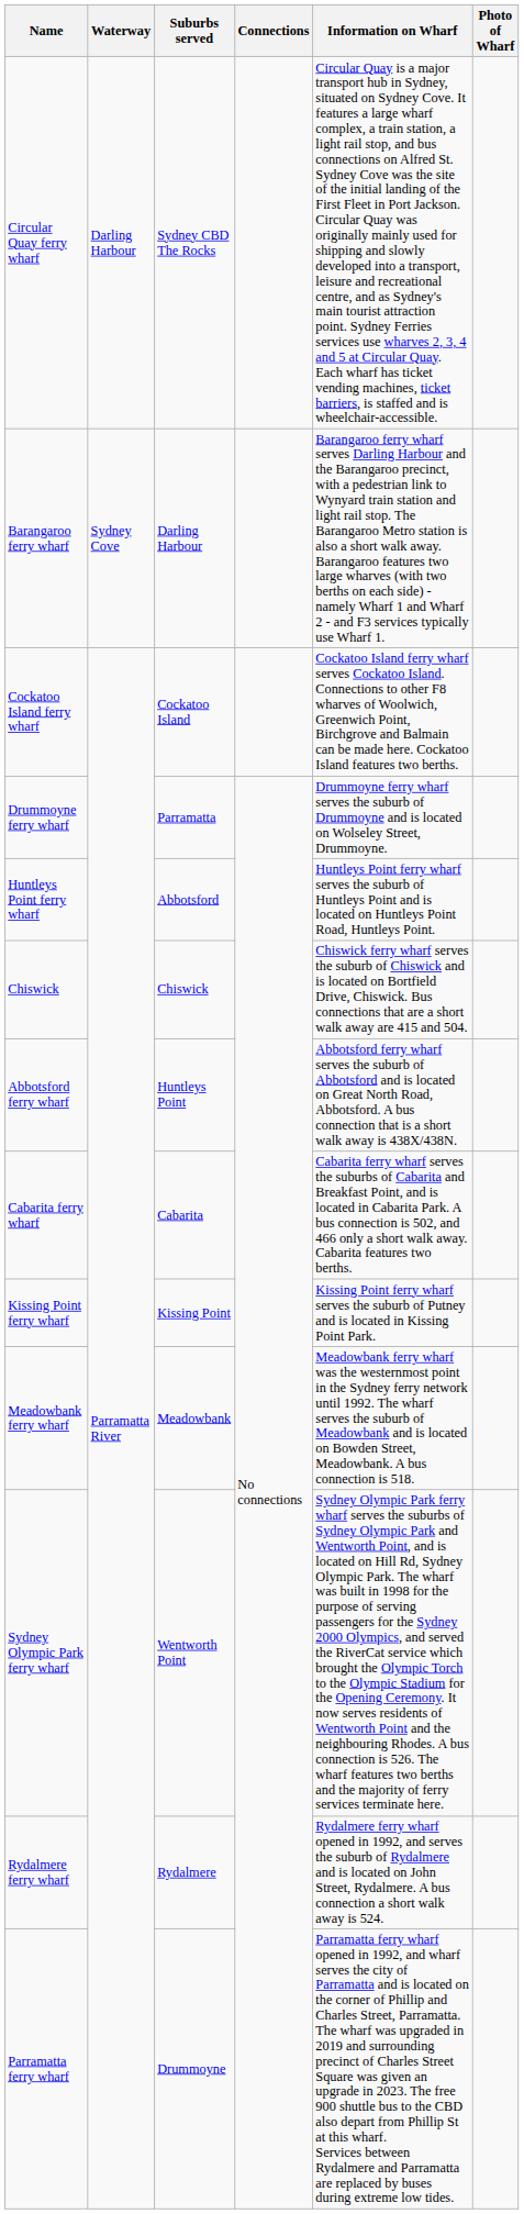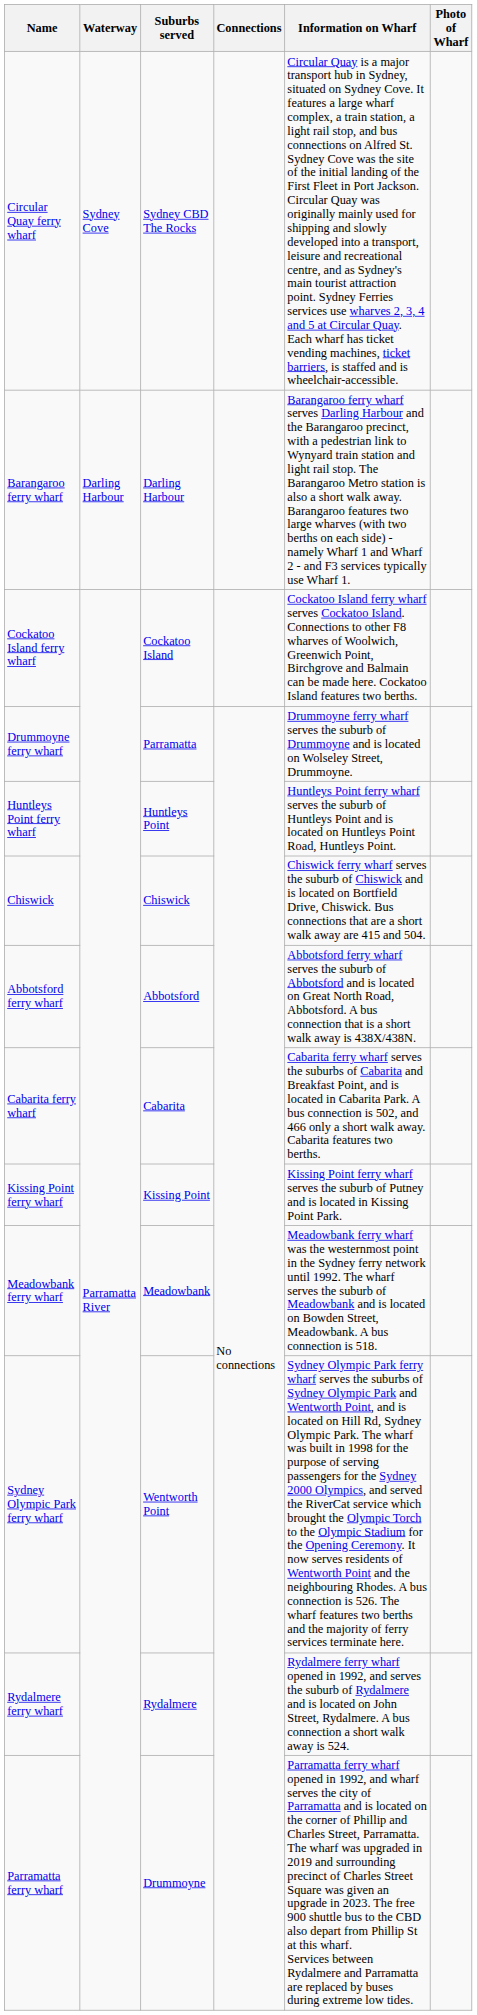 <table class="wikitable">
 <tr>
 <th>Name</th>
 <th>Waterway</th>
 <th>Suburbs served</th>
 <th>Connections</th>
 <th>Information on Wharf</th>
 <th>Photo of Wharf</th>
 </tr>
 <tr>
 <td><a href='#'>Circular Quay ferry wharf</a></td>
-<td><a href='#'>Darling Harbour</a></td>
+<td><a href='#'>Sydney Cove</a></td>
 <td><a href='#'>Sydney CBD</a><br><a href='#'>The Rocks</a></td>
 <td></td>
 <td><a href='#'>Circular Quay</a> is a major transport hub in Sydney, situated on Sydney Cove. It features a large wharf complex, a train station, a light rail stop, and bus connections on Alfred St.<br>Sydney Cove was the site of the initial landing of the First Fleet in Port Jackson. Circular Quay was originally mainly used for shipping and slowly developed into a transport, leisure and recreational centre, and as Sydney's main tourist attraction point. Sydney Ferries services use <a href='#'>wharves 2, 3, 4 and 5 at Circular Quay</a>. Each wharf has ticket vending machines, <a href='#'>ticket barriers</a>, is staffed and is wheelchair-accessible.</td>
 <td></td>
 </tr>
 <tr>
 <td><a href='#'>Barangaroo ferry wharf</a></td>
-<td><a href='#'>Sydney Cove</a></td>
+<td><a href='#'>Darling Harbour</a></td>
 <td><a href='#'>Darling Harbour</a></td>
 <td></td>
 <td><a href='#'>Barangaroo ferry wharf</a> serves <a href='#'>Darling Harbour</a> and the Barangaroo precinct, with a pedestrian link to Wynyard train station and light rail stop. The Barangaroo Metro station is also a short walk away. Barangaroo features two large wharves (with two berths on each side) - namely Wharf 1 and Wharf 2 - and F3 services typically use Wharf 1.</td>
 <td></td>
 </tr>
 <tr>
 <td><a href='#'>Cockatoo Island ferry wharf</a></td>
 <td rowspan="11"><a href='#'>Parramatta River</a></td>
 <td><a href='#'>Cockatoo Island</a></td>
 <td></td>
 <td><a href='#'>Cockatoo Island ferry wharf</a> serves <a href='#'>Cockatoo Island</a>. Connections to other F8 wharves of Woolwich, Greenwich Point, Birchgrove and Balmain can be made here. Cockatoo Island features two berths.</td>
 <td></td>
 </tr>
 <tr>
 <td><a href='#'>Drummoyne ferry wharf</a></td>
 <td><a href='#'>Parramatta</a></td>
 <td rowspan="10">No connections</td>
 <td><a href='#'>Drummoyne ferry wharf</a> serves the suburb of <a href='#'>Drummoyne</a> and is located on Wolseley Street, Drummoyne.</td>
 <td></td>
 </tr>
 <tr>
 <td><a href='#'>Huntleys Point ferry wharf</a></td>
-<td><a href='#'>Abbotsford</a></td>
+<td><a href='#'>Huntleys Point</a></td>
 <td><a href='#'>Huntleys Point ferry wharf</a> serves the suburb of Huntleys Point and is located on Huntleys Point Road, Huntleys Point.</td>
 <td></td>
 </tr>
 <tr>
 <td><a href='#'>Chiswick</a></td>
 <td><a href='#'>Chiswick</a></td>
 <td><a href='#'>Chiswick ferry wharf</a> serves the suburb of <a href='#'>Chiswick</a> and is located on Bortfield Drive, Chiswick. Bus connections that are a short walk away are 415 and 504.</td>
 <td></td>
 </tr>
 <tr>
 <td><a href='#'>Abbotsford ferry wharf</a></td>
-<td><a href='#'>Huntleys Point</a></td>
+<td><a href='#'>Abbotsford</a></td>
 <td><a href='#'>Abbotsford ferry wharf</a> serves the suburb of <a href='#'>Abbotsford</a> and is located on Great North Road, Abbotsford. A bus connection that is a short walk away is 438X/438N.</td>
 <td></td>
 </tr>
 <tr>
 <td><a href='#'>Cabarita ferry wharf</a></td>
 <td><a href='#'>Cabarita</a></td>
 <td><a href='#'>Cabarita ferry wharf</a> serves the suburbs of <a href='#'>Cabarita</a> and Breakfast Point, and is located in Cabarita Park. A bus connection is 502, and 466 only a short walk away. Cabarita features two berths.</td>
 <td></td>
 </tr>
 <tr>
 <td><a href='#'>Kissing Point ferry wharf</a></td>
 <td><a href='#'>Kissing Point</a></td>
 <td><a href='#'>Kissing Point ferry wharf</a> serves the suburb of Putney and is located in Kissing Point Park.</td>
 <td></td>
 </tr>
 <tr>
 <td><a href='#'>Meadowbank ferry wharf</a></td>
 <td><a href='#'>Meadowbank</a></td>
 <td><a href='#'>Meadowbank ferry wharf</a> was the westernmost point in the Sydney ferry network until 1992. The wharf serves the suburb of <a href='#'>Meadowbank</a> and is located on Bowden Street, Meadowbank. A bus connection is 518.</td>
 <td></td>
 </tr>
 <tr>
 <td><a href='#'>Sydney Olympic Park ferry wharf</a></td>
 <td><a href='#'>Wentworth Point</a></td>
 <td><a href='#'>Sydney Olympic Park ferry wharf</a> serves the suburbs of <a href='#'>Sydney Olympic Park</a> and <a href='#'>Wentworth Point</a>, and is located on Hill Rd, Sydney Olympic Park. The wharf was built in 1998 for the purpose of serving passengers for the <a href='#'>Sydney 2000 Olympics</a>, and served the RiverCat service which brought the <a href='#'>Olympic Torch</a> to the <a href='#'>Olympic Stadium</a> for the <a href='#'>Opening Ceremony</a>. It now serves residents of <a href='#'>Wentworth Point</a> and the neighbouring Rhodes. A bus connection is 526. The wharf features two berths and the majority of ferry services terminate here.</td>
 <td></td>
 </tr>
 <tr>
 <td><a href='#'>Rydalmere ferry wharf</a></td>
 <td><a href='#'>Rydalmere</a></td>
 <td><a href='#'>Rydalmere ferry wharf</a> opened in 1992, and serves the suburb of <a href='#'>Rydalmere</a> and is located on John Street, Rydalmere. A bus connection a short walk away is 524.</td>
 <td></td>
 </tr>
 <tr>
 <td><a href='#'>Parramatta ferry wharf</a></td>
 <td><a href='#'>Drummoyne</a></td>
 <td><a href='#'>Parramatta ferry wharf</a> opened in 1992, and wharf serves the city of <a href='#'>Parramatta</a> and is located on the corner of Phillip and Charles Street, Parramatta. The wharf was upgraded in 2019 and surrounding precinct of Charles Street Square was given an upgrade in 2023. The free 900 shuttle bus to the CBD also depart from Phillip St at this wharf.<br>Services between Rydalmere and Parramatta are replaced by buses during extreme low tides.</td>
 <td></td>
 </tr>
 </table>
